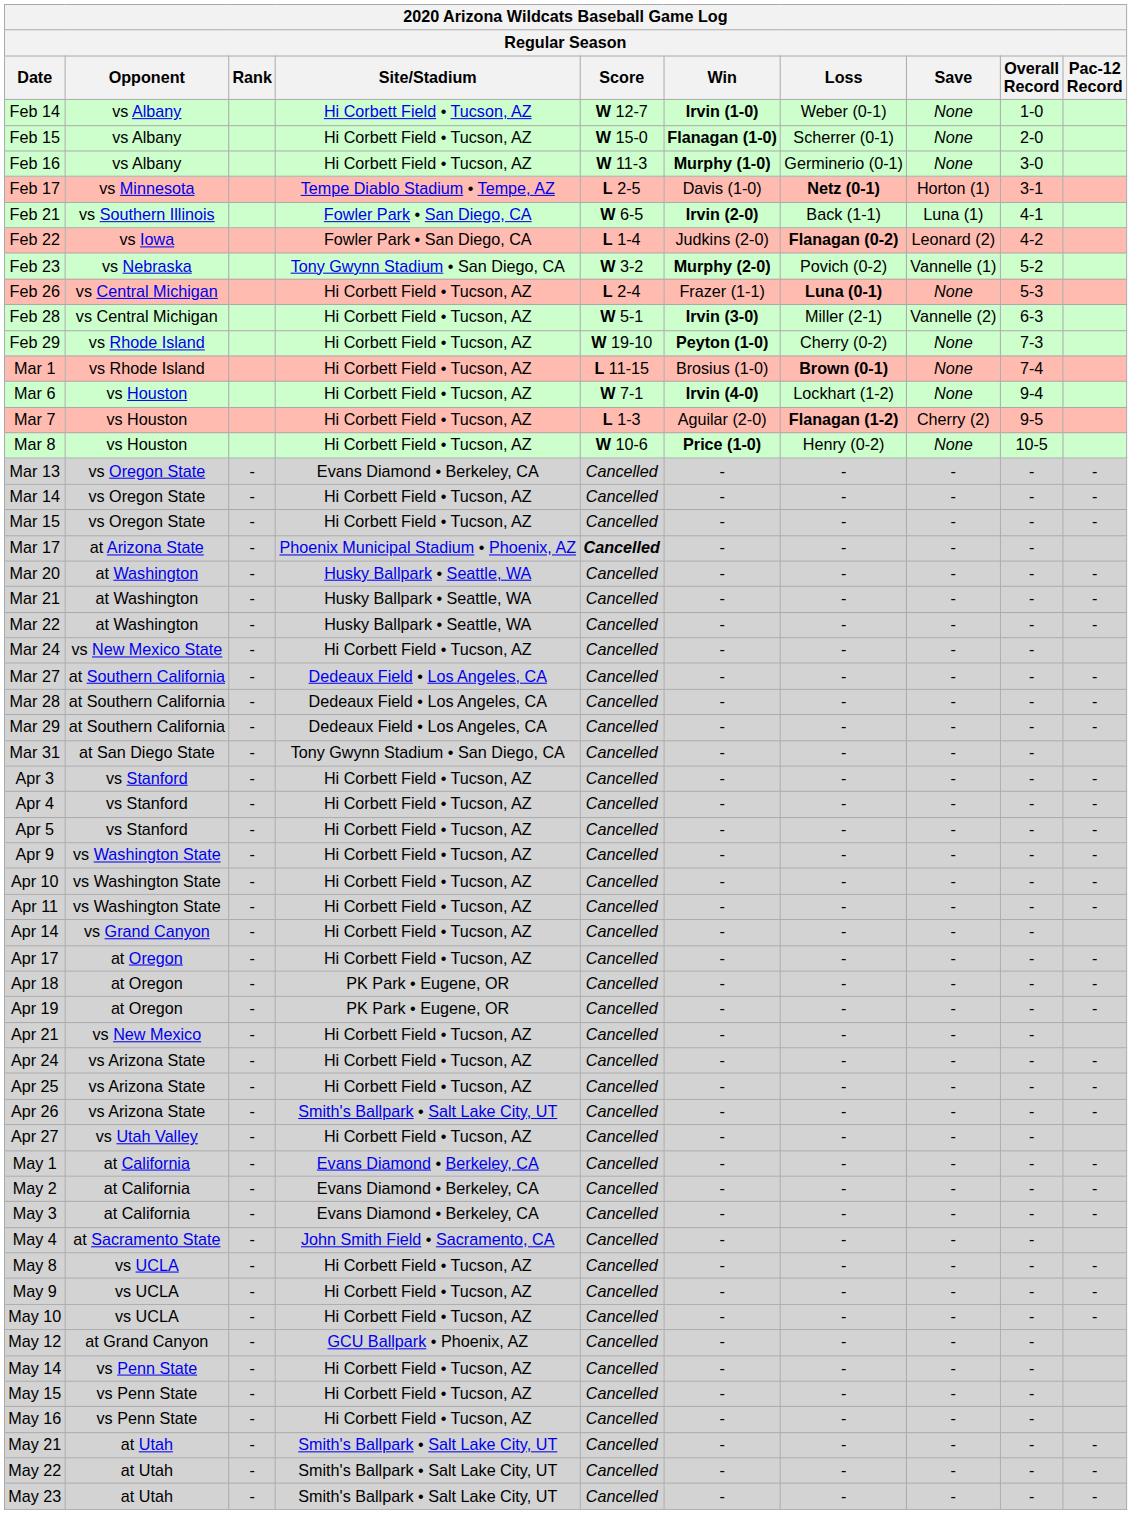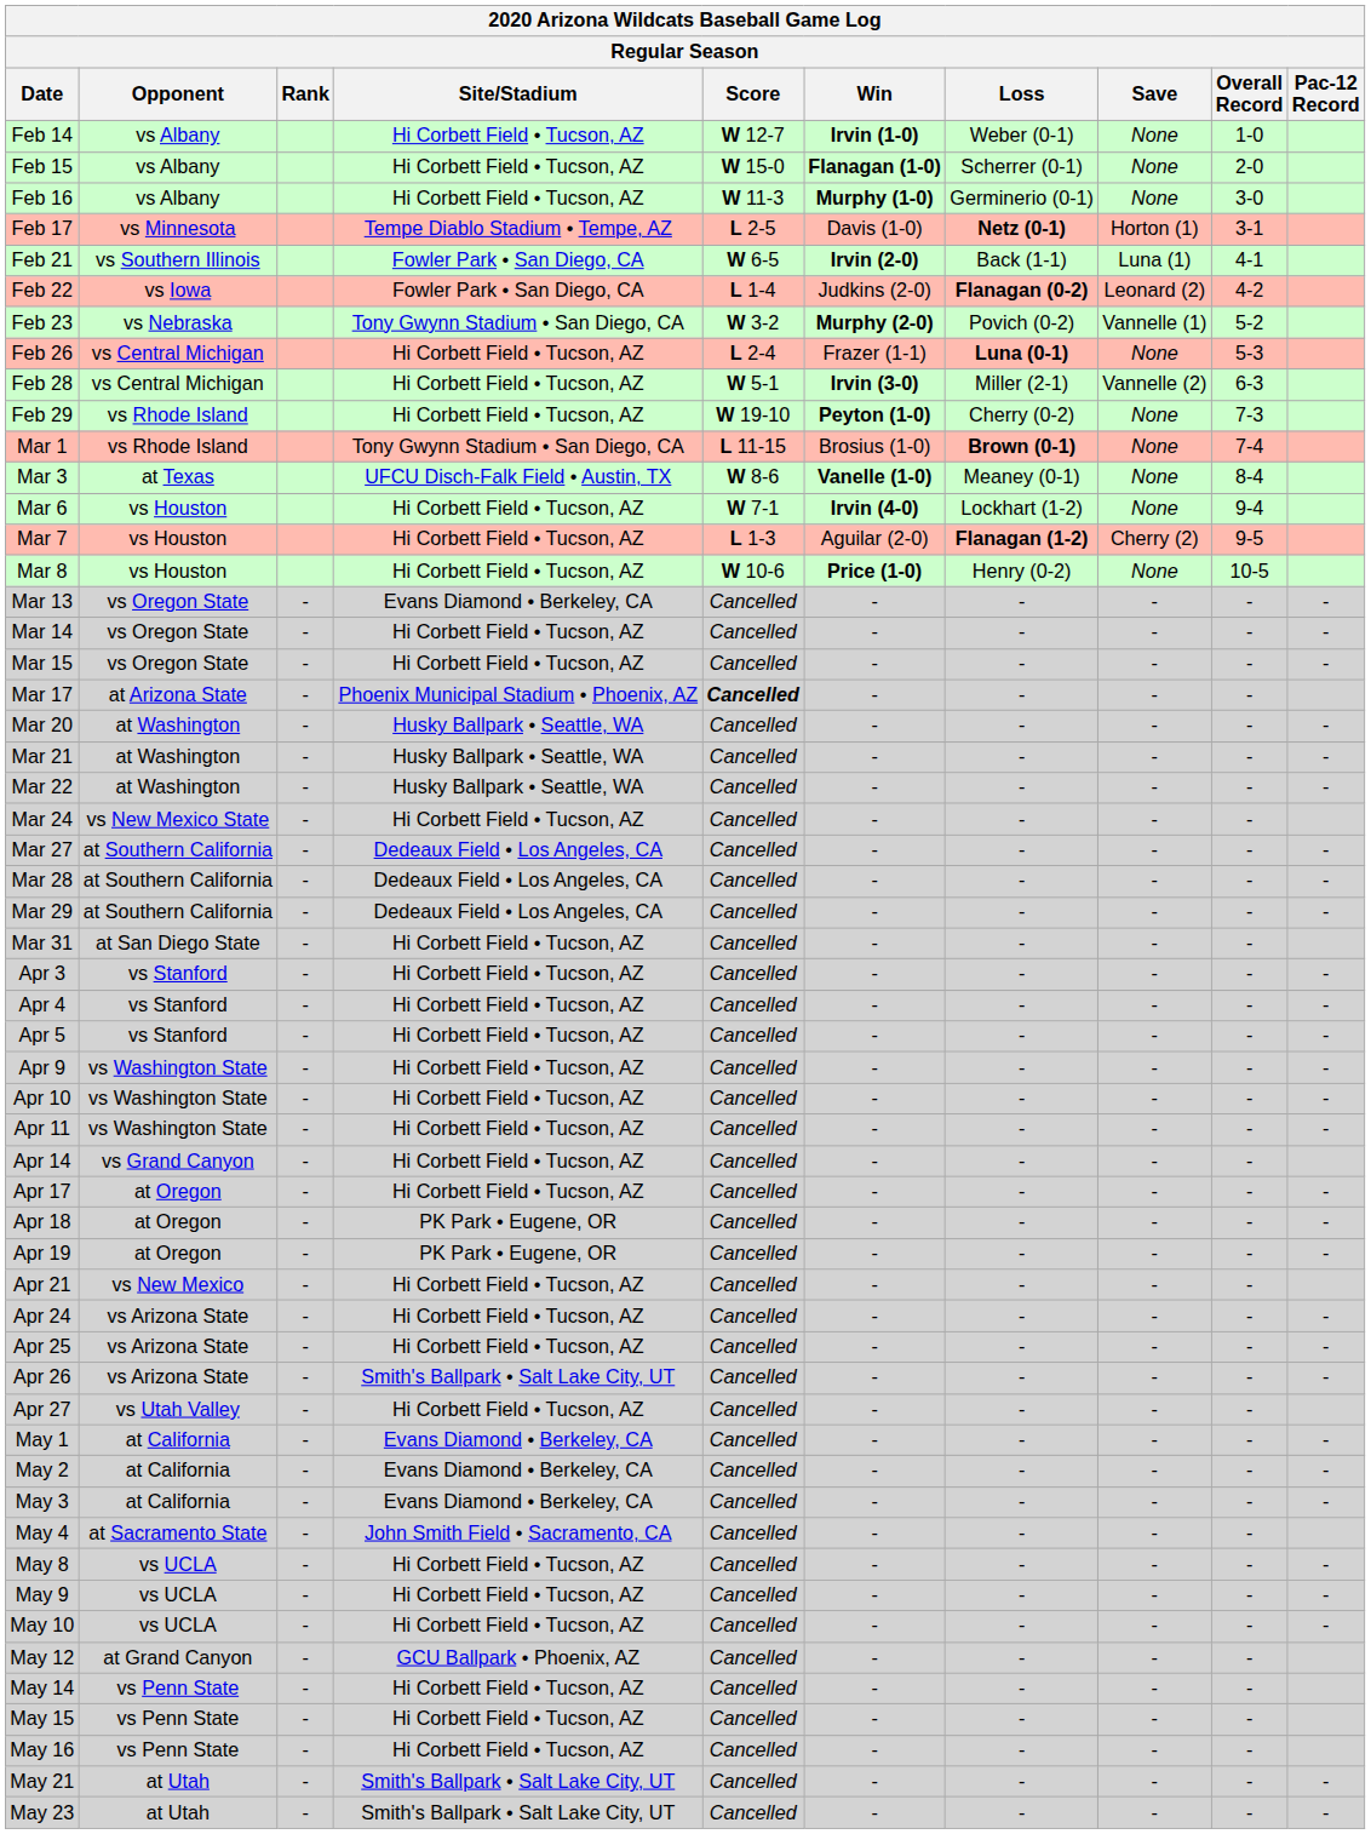 <table class="wikitable">
 <tr>
 <th colspan="10">2020 Arizona Wildcats Baseball Game Log</th>
 </tr>
 <tr>
 <th colspan="10">Regular Season</th>
 </tr>
 <tr>
 <th>Date</th>
 <th>Opponent</th>
 <th>Rank</th>
 <th>Site/Stadium</th>
 <th>Score</th>
 <th>Win</th>
 <th>Loss</th>
 <th>Save</th>
 <th>Overall<br>Record</th>
 <th>Pac-12<br>Record</th>
 </tr>
 <tr align="center" bgcolor=ccffcc>
 <td>Feb 14</td>
 <td>vs <a href='#'>Albany</a></td>
 <td></td>
 <td><a href='#'>Hi Corbett Field</a> • <a href='#'>Tucson, AZ</a></td>
 <td><strong>W</strong> 12-7</td>
 <td><strong>Irvin (1-0)</strong></td>
 <td>Weber (0-1)</td>
 <td><em>None</em></td>
 <td>1-0</td>
 <td></td>
 </tr>
 <tr align="center" bgcolor=ccffcc>
 <td>Feb 15</td>
 <td>vs Albany</td>
 <td></td>
 <td>Hi Corbett Field • Tucson, AZ</td>
 <td><strong>W</strong> 15-0</td>
 <td><strong>Flanagan (1-0)</strong></td>
 <td>Scherrer (0-1)</td>
 <td><em>None</em></td>
 <td>2-0</td>
 <td></td>
 </tr>
 <tr align="center" bgcolor=ccffcc>
 <td>Feb 16</td>
 <td>vs Albany</td>
 <td></td>
 <td>Hi Corbett Field • Tucson, AZ</td>
 <td><strong>W</strong> 11-3</td>
 <td><strong>Murphy (1-0)</strong></td>
 <td>Germinerio (0-1)</td>
 <td><em>None</em></td>
 <td>3-0</td>
 <td></td>
 </tr>
 <tr align="center" bgcolor=ffbbb>
 <td>Feb 17</td>
 <td>vs <a href='#'>Minnesota</a></td>
 <td></td>
 <td><a href='#'>Tempe Diablo Stadium</a> • <a href='#'>Tempe, AZ</a></td>
 <td><strong>L</strong> 2-5</td>
 <td>Davis (1-0)</td>
 <td><strong>Netz (0-1)</strong></td>
 <td>Horton (1)</td>
 <td>3-1</td>
 <td></td>
 </tr>
 <tr align="center" bgcolor=ccffcc>
 <td>Feb 21</td>
 <td>vs <a href='#'>Southern Illinois</a></td>
 <td></td>
 <td><a href='#'>Fowler Park</a> • <a href='#'>San Diego, CA</a></td>
 <td><strong>W</strong> 6-5</td>
 <td><strong>Irvin (2-0)</strong></td>
 <td>Back (1-1)</td>
 <td>Luna (1)</td>
 <td>4-1</td>
 <td></td>
 </tr>
 <tr align="center" bgcolor=ffbbb>
 <td>Feb 22</td>
 <td>vs <a href='#'>Iowa</a></td>
 <td></td>
 <td>Fowler Park • San Diego, CA</td>
 <td><strong>L</strong> 1-4</td>
 <td>Judkins (2-0)</td>
 <td><strong>Flanagan (0-2)</strong></td>
 <td>Leonard (2)</td>
 <td>4-2</td>
 <td></td>
 </tr>
 <tr align="center" bgcolor=ccffcc>
 <td>Feb 23</td>
 <td>vs <a href='#'>Nebraska</a></td>
 <td></td>
 <td><a href='#'>Tony Gwynn Stadium</a> • San Diego, CA</td>
 <td><strong>W</strong> 3-2</td>
 <td><strong>Murphy (2-0)</strong></td>
 <td>Povich (0-2)</td>
 <td>Vannelle (1)</td>
 <td>5-2</td>
 <td></td>
 </tr>
 <tr align="center" bgcolor=ffbbb>
 <td>Feb 26</td>
 <td>vs <a href='#'>Central Michigan</a></td>
 <td></td>
 <td>Hi Corbett Field • Tucson, AZ</td>
 <td><strong>L</strong> 2-4</td>
 <td>Frazer (1-1)</td>
 <td><strong>Luna (0-1)</strong></td>
 <td><em>None</em></td>
 <td>5-3</td>
 <td></td>
 </tr>
 <tr align="center" bgcolor=ccffcc>
 <td>Feb 28</td>
 <td>vs Central Michigan</td>
 <td></td>
 <td>Hi Corbett Field • Tucson, AZ</td>
 <td><strong>W</strong> 5-1</td>
 <td><strong>Irvin (3-0)</strong></td>
 <td>Miller (2-1)</td>
 <td>Vannelle (2)</td>
 <td>6-3</td>
 <td></td>
 </tr>
 <tr align="center" bgcolor=ccffcc>
 <td>Feb 29</td>
 <td>vs <a href='#'>Rhode Island</a></td>
 <td></td>
 <td>Hi Corbett Field • Tucson, AZ</td>
 <td><strong>W</strong> 19-10</td>
 <td><strong>Peyton (1-0)</strong></td>
 <td>Cherry (0-2)</td>
 <td><em>None</em></td>
 <td>7-3</td>
 <td></td>
 </tr>
 <tr align="center" bgcolor=ffbbb>
 <td>Mar 1</td>
 <td>vs Rhode Island</td>
 <td></td>
-<td>Hi Corbett Field • Tucson, AZ</td>
+<td>Tony Gwynn Stadium • San Diego, CA</td>
 <td><strong>L</strong> 11-15</td>
 <td>Brosius (1-0)</td>
 <td><strong>Brown (0-1)</strong></td>
 <td><em>None</em></td>
 <td>7-4</td>
+<td></td>
+</tr>
+<tr align="center"bgcolor=ccffcc>
+<td>Mar 3</td>
+<td>at <a href='#'>Texas</a></td>
+<td></td>
+<td><a href='#'>UFCU Disch-Falk Field</a> • <a href='#'>Austin, TX</a></td>
+<td><strong>W</strong> 8-6</td>
+<td><strong>Vanelle (1-0)</strong></td>
+<td>Meaney (0-1)</td>
+<td><em>None</em></td>
+<td>8-4</td>
 <td></td>
 </tr>
 <tr align="center"bgcolor=ccffcc>
 <td>Mar 6</td>
 <td>vs <a href='#'>Houston</a></td>
 <td></td>
 <td>Hi Corbett Field • Tucson, AZ</td>
 <td><strong>W</strong> 7-1</td>
 <td><strong>Irvin (4-0)</strong></td>
 <td>Lockhart (1-2)</td>
 <td><em>None</em></td>
 <td>9-4</td>
 <td></td>
 </tr>
 <tr align="center"bgcolor=ffbbb>
 <td>Mar 7</td>
 <td>vs Houston</td>
 <td></td>
 <td>Hi Corbett Field • Tucson, AZ</td>
 <td><strong>L</strong> 1-3</td>
 <td>Aguilar (2-0)</td>
 <td><strong>Flanagan (1-2)</strong></td>
 <td>Cherry (2)</td>
 <td>9-5</td>
 <td></td>
 </tr>
 <tr align="center"bgcolor=ccffcc>
 <td>Mar 8</td>
 <td>vs Houston</td>
 <td></td>
 <td>Hi Corbett Field • Tucson, AZ</td>
 <td><strong>W</strong> 10-6</td>
 <td><strong>Price (1-0)</strong></td>
 <td>Henry (0-2)</td>
 <td><em>None</em></td>
 <td>10-5</td>
 <td></td>
 </tr>
 <tr align="center"bgcolor=d3d3d3>
 <td>Mar 13</td>
 <td>vs <a href='#'>Oregon State</a></td>
 <td>-</td>
 <td>Evans Diamond • Berkeley, CA</td>
 <td><em>Cancelled</em></td>
 <td>-</td>
 <td>-</td>
 <td>-</td>
 <td>-</td>
 <td>-</td>
 </tr>
 <tr align="center"bgcolor=d3d3d3>
 <td>Mar 14</td>
 <td>vs Oregon State</td>
 <td>-</td>
 <td>Hi Corbett Field • Tucson, AZ</td>
 <td><em>Cancelled</em></td>
 <td>-</td>
 <td>-</td>
 <td>-</td>
 <td>-</td>
 <td>-</td>
 </tr>
 <tr align="center"bgcolor=d3d3d3>
 <td>Mar 15</td>
 <td>vs Oregon State</td>
 <td>-</td>
 <td>Hi Corbett Field • Tucson, AZ</td>
 <td><em>Cancelled</em></td>
 <td>-</td>
 <td>-</td>
 <td>-</td>
 <td>-</td>
 <td>-</td>
 </tr>
 <tr align="center"bgcolor=d3d3d3>
 <td>Mar 17</td>
 <td>at <a href='#'>Arizona State</a></td>
 <td>-</td>
 <td><a href='#'>Phoenix Municipal Stadium</a> • <a href='#'>Phoenix, AZ</a></td>
 <td><strong><em>Cancelled</em></strong></td>
 <td>-</td>
 <td>-</td>
 <td>-</td>
 <td>-</td>
 <td></td>
 </tr>
 <tr align="center"bgcolor=d3d3d3>
 <td>Mar 20</td>
 <td>at <a href='#'>Washington</a></td>
 <td>-</td>
 <td><a href='#'>Husky Ballpark</a> • <a href='#'>Seattle, WA</a></td>
 <td><em>Cancelled</em></td>
 <td>-</td>
 <td>-</td>
 <td>-</td>
 <td>-</td>
 <td>-</td>
 </tr>
 <tr align="center"bgcolor=d3d3d3>
 <td>Mar 21</td>
 <td>at Washington</td>
 <td>-</td>
 <td>Husky Ballpark • Seattle, WA</td>
 <td><em>Cancelled</em></td>
 <td>-</td>
 <td>-</td>
 <td>-</td>
 <td>-</td>
 <td>-</td>
 </tr>
 <tr align="center"bgcolor=d3d3d3>
 <td>Mar 22</td>
 <td>at Washington</td>
 <td>-</td>
 <td>Husky Ballpark • Seattle, WA</td>
 <td><em>Cancelled</em></td>
 <td>-</td>
 <td>-</td>
 <td>-</td>
 <td>-</td>
 <td>-</td>
 </tr>
 <tr align="center"bgcolor=d3d3d3>
 <td>Mar 24</td>
 <td>vs <a href='#'>New Mexico State</a></td>
 <td>-</td>
 <td>Hi Corbett Field • Tucson, AZ</td>
 <td><em>Cancelled</em></td>
 <td>-</td>
 <td>-</td>
 <td>-</td>
 <td>-</td>
 <td></td>
 </tr>
 <tr align="center"bgcolor=d3d3d3>
 <td>Mar 27</td>
 <td>at <a href='#'>Southern California</a></td>
 <td>-</td>
 <td><a href='#'>Dedeaux Field</a> • <a href='#'>Los Angeles, CA</a></td>
 <td><em>Cancelled</em></td>
 <td>-</td>
 <td>-</td>
 <td>-</td>
 <td>-</td>
 <td>-</td>
 </tr>
 <tr align="center"bgcolor=d3d3d3>
 <td>Mar 28</td>
 <td>at Southern California</td>
 <td>-</td>
 <td>Dedeaux Field • Los Angeles, CA</td>
 <td><em>Cancelled</em></td>
 <td>-</td>
 <td>-</td>
 <td>-</td>
 <td>-</td>
 <td>-</td>
 </tr>
 <tr align="center"bgcolor=d3d3d3>
 <td>Mar 29</td>
 <td>at Southern California</td>
 <td>-</td>
 <td>Dedeaux Field • Los Angeles, CA</td>
 <td><em>Cancelled</em></td>
 <td>-</td>
 <td>-</td>
 <td>-</td>
 <td>-</td>
 <td>-</td>
 </tr>
 <tr align="center"bgcolor=d3d3d3>
 <td>Mar 31</td>
 <td>at San Diego State</td>
 <td>-</td>
-<td>Tony Gwynn Stadium • San Diego, CA</td>
+<td>Hi Corbett Field • Tucson, AZ</td>
 <td><em>Cancelled</em></td>
 <td>-</td>
 <td>-</td>
 <td>-</td>
 <td>-</td>
 <td></td>
 </tr>
 <tr align="center"bgcolor=d3d3d3>
 <td>Apr 3</td>
 <td>vs <a href='#'>Stanford</a></td>
 <td>-</td>
 <td>Hi Corbett Field • Tucson, AZ</td>
 <td><em>Cancelled</em></td>
 <td>-</td>
 <td>-</td>
 <td>-</td>
 <td>-</td>
 <td>-</td>
 </tr>
 <tr align="center"bgcolor=d3d3d3>
 <td>Apr 4</td>
 <td>vs Stanford</td>
 <td>-</td>
 <td>Hi Corbett Field • Tucson, AZ</td>
 <td><em>Cancelled</em></td>
 <td>-</td>
 <td>-</td>
 <td>-</td>
 <td>-</td>
 <td>-</td>
 </tr>
 <tr align="center"bgcolor=d3d3d3>
 <td>Apr 5</td>
 <td>vs Stanford</td>
 <td>-</td>
 <td>Hi Corbett Field • Tucson, AZ</td>
 <td><em>Cancelled</em></td>
 <td>-</td>
 <td>-</td>
 <td>-</td>
 <td>-</td>
 <td>-</td>
 </tr>
 <tr align="center"bgcolor=d3d3d3>
 <td>Apr 9</td>
 <td>vs <a href='#'>Washington State</a></td>
 <td>-</td>
 <td>Hi Corbett Field • Tucson, AZ</td>
 <td><em>Cancelled</em></td>
 <td>-</td>
 <td>-</td>
 <td>-</td>
 <td>-</td>
 <td>-</td>
 </tr>
 <tr align="center"bgcolor=d3d3d3>
 <td>Apr 10</td>
 <td>vs Washington State</td>
 <td>-</td>
 <td>Hi Corbett Field • Tucson, AZ</td>
 <td><em>Cancelled</em></td>
 <td>-</td>
 <td>-</td>
 <td>-</td>
 <td>-</td>
 <td>-</td>
 </tr>
 <tr align="center"bgcolor=d3d3d3>
 <td>Apr 11</td>
 <td>vs Washington State</td>
 <td>-</td>
 <td>Hi Corbett Field • Tucson, AZ</td>
 <td><em>Cancelled</em></td>
 <td>-</td>
 <td>-</td>
 <td>-</td>
 <td>-</td>
 <td>-</td>
 </tr>
 <tr align="center"bgcolor=d3d3d3>
 <td>Apr 14</td>
 <td>vs <a href='#'>Grand Canyon</a></td>
 <td>-</td>
 <td>Hi Corbett Field • Tucson, AZ</td>
 <td><em>Cancelled</em></td>
 <td>-</td>
 <td>-</td>
 <td>-</td>
 <td>-</td>
 <td></td>
 </tr>
 <tr align="center"bgcolor=d3d3d3>
 <td>Apr 17</td>
 <td>at <a href='#'>Oregon</a></td>
 <td>-</td>
 <td>Hi Corbett Field • Tucson, AZ</td>
 <td><em>Cancelled</em></td>
 <td>-</td>
 <td>-</td>
 <td>-</td>
 <td>-</td>
 <td>-</td>
 </tr>
 <tr align="center"bgcolor=d3d3d3>
 <td>Apr 18</td>
 <td>at Oregon</td>
 <td>-</td>
 <td>PK Park • Eugene, OR</td>
 <td><em>Cancelled</em></td>
 <td>-</td>
 <td>-</td>
 <td>-</td>
 <td>-</td>
 <td>-</td>
 </tr>
 <tr align="center"bgcolor=d3d3d3>
 <td>Apr 19</td>
 <td>at Oregon</td>
 <td>-</td>
 <td>PK Park • Eugene, OR</td>
 <td><em>Cancelled</em></td>
 <td>-</td>
 <td>-</td>
 <td>-</td>
 <td>-</td>
 <td>-</td>
 </tr>
 <tr align="center"bgcolor=d3d3d3>
 <td>Apr 21</td>
 <td>vs <a href='#'>New Mexico</a></td>
 <td>-</td>
 <td>Hi Corbett Field • Tucson, AZ</td>
 <td><em>Cancelled</em></td>
 <td>-</td>
 <td>-</td>
 <td>-</td>
 <td>-</td>
 <td></td>
 </tr>
 <tr align="center"bgcolor=d3d3d3>
 <td>Apr 24</td>
 <td>vs Arizona State</td>
 <td>-</td>
 <td>Hi Corbett Field • Tucson, AZ</td>
 <td><em>Cancelled</em></td>
 <td>-</td>
 <td>-</td>
 <td>-</td>
 <td>-</td>
 <td>-</td>
 </tr>
 <tr align="center"bgcolor=d3d3d3>
 <td>Apr 25</td>
 <td>vs Arizona State</td>
 <td>-</td>
 <td>Hi Corbett Field • Tucson, AZ</td>
 <td><em>Cancelled</em></td>
 <td>-</td>
 <td>-</td>
 <td>-</td>
 <td>-</td>
 <td>-</td>
 </tr>
 <tr align="center"bgcolor=d3d3d3>
 <td>Apr 26</td>
 <td>vs Arizona State</td>
 <td>-</td>
 <td><a href='#'>Smith's Ballpark</a> • <a href='#'>Salt Lake City, UT</a></td>
 <td><em>Cancelled</em></td>
 <td>-</td>
 <td>-</td>
 <td>-</td>
 <td>-</td>
 <td>-</td>
 </tr>
 <tr align="center"bgcolor=d3d3d3>
 <td>Apr 27</td>
 <td>vs <a href='#'>Utah Valley</a></td>
 <td>-</td>
 <td>Hi Corbett Field • Tucson, AZ</td>
 <td><em>Cancelled</em></td>
 <td>-</td>
 <td>-</td>
 <td>-</td>
 <td>-</td>
 <td></td>
 </tr>
 <tr align="center"bgcolor=d3d3d3>
 <td>May 1</td>
 <td>at <a href='#'>California</a></td>
 <td>-</td>
 <td><a href='#'>Evans Diamond</a> • <a href='#'>Berkeley, CA</a></td>
 <td><em>Cancelled</em></td>
 <td>-</td>
 <td>-</td>
 <td>-</td>
 <td>-</td>
 <td>-</td>
 </tr>
 <tr align="center"bgcolor=d3d3d3>
 <td>May 2</td>
 <td>at California</td>
 <td>-</td>
 <td>Evans Diamond • Berkeley, CA</td>
 <td><em>Cancelled</em></td>
 <td>-</td>
 <td>-</td>
 <td>-</td>
 <td>-</td>
 <td>-</td>
 </tr>
 <tr align="center"bgcolor=d3d3d3>
 <td>May 3</td>
 <td>at California</td>
 <td>-</td>
 <td>Evans Diamond • Berkeley, CA</td>
 <td><em>Cancelled</em></td>
 <td>-</td>
 <td>-</td>
 <td>-</td>
 <td>-</td>
 <td>-</td>
 </tr>
 <tr align="center"bgcolor=d3d3d3>
 <td>May 4</td>
 <td>at <a href='#'>Sacramento State</a></td>
 <td>-</td>
 <td><a href='#'>John Smith Field</a> • <a href='#'>Sacramento, CA</a></td>
 <td><em>Cancelled</em></td>
 <td>-</td>
 <td>-</td>
 <td>-</td>
 <td>-</td>
 <td></td>
 </tr>
 <tr align="center"bgcolor=d3d3d3>
 <td>May 8</td>
 <td>vs <a href='#'>UCLA</a></td>
 <td>-</td>
 <td>Hi Corbett Field • Tucson, AZ</td>
 <td><em>Cancelled</em></td>
 <td>-</td>
 <td>-</td>
 <td>-</td>
 <td>-</td>
 <td>-</td>
 </tr>
 <tr align="center"bgcolor=d3d3d3>
 <td>May 9</td>
 <td>vs UCLA</td>
 <td>-</td>
 <td>Hi Corbett Field • Tucson, AZ</td>
 <td><em>Cancelled</em></td>
 <td>-</td>
 <td>-</td>
 <td>-</td>
 <td>-</td>
 <td>-</td>
 </tr>
 <tr align="center"bgcolor=d3d3d3>
 <td>May 10</td>
 <td>vs UCLA</td>
 <td>-</td>
 <td>Hi Corbett Field • Tucson, AZ</td>
 <td><em>Cancelled</em></td>
 <td>-</td>
 <td>-</td>
 <td>-</td>
 <td>-</td>
 <td>-</td>
 </tr>
 <tr align="center"bgcolor=d3d3d3>
 <td>May 12</td>
 <td>at Grand Canyon</td>
 <td>-</td>
 <td><a href='#'>GCU Ballpark</a> • Phoenix, AZ</td>
 <td><em>Cancelled</em></td>
 <td>-</td>
 <td>-</td>
 <td>-</td>
 <td>-</td>
 <td></td>
 </tr>
 <tr align="center"bgcolor=d3d3d3>
 <td>May 14</td>
 <td>vs <a href='#'>Penn State</a></td>
 <td>-</td>
 <td>Hi Corbett Field • Tucson, AZ</td>
 <td><em>Cancelled</em></td>
 <td>-</td>
 <td>-</td>
 <td>-</td>
 <td>-</td>
 <td></td>
 </tr>
 <tr align="center"bgcolor=d3d3d3>
 <td>May 15</td>
 <td>vs Penn State</td>
 <td>-</td>
 <td>Hi Corbett Field • Tucson, AZ</td>
 <td><em>Cancelled</em></td>
 <td>-</td>
 <td>-</td>
 <td>-</td>
 <td>-</td>
 <td></td>
 </tr>
 <tr align="center"bgcolor=d3d3d3>
 <td>May 16</td>
 <td>vs Penn State</td>
 <td>-</td>
 <td>Hi Corbett Field • Tucson, AZ</td>
 <td><em>Cancelled</em></td>
 <td>-</td>
 <td>-</td>
 <td>-</td>
 <td>-</td>
 <td></td>
 </tr>
 <tr align="center"bgcolor=d3d3d3>
 <td>May 21</td>
 <td>at <a href='#'>Utah</a></td>
 <td>-</td>
 <td><a href='#'>Smith's Ballpark</a> • <a href='#'>Salt Lake City, UT</a></td>
 <td><em>Cancelled</em></td>
 <td>-</td>
 <td>-</td>
 <td>-</td>
 <td>-</td>
 <td>-</td>
 </tr>
 <tr align="center"bgcolor=d3d3d3>
-<td>May 22</td>
-<td>at Utah</td>
-<td>-</td>
-<td>Smith's Ballpark • Salt Lake City, UT</td>
-<td><em>Cancelled</em></td>
-<td>-</td>
-<td>-</td>
-<td>-</td>
-<td>-</td>
-<td>-</td>
-</tr>
-<tr align="center"bgcolor=d3d3d3>
 <td>May 23</td>
 <td>at Utah</td>
 <td>-</td>
 <td>Smith's Ballpark • Salt Lake City, UT</td>
 <td><em>Cancelled</em></td>
 <td>-</td>
 <td>-</td>
 <td>-</td>
 <td>-</td>
 <td>-</td>
 </tr>
 </table>
